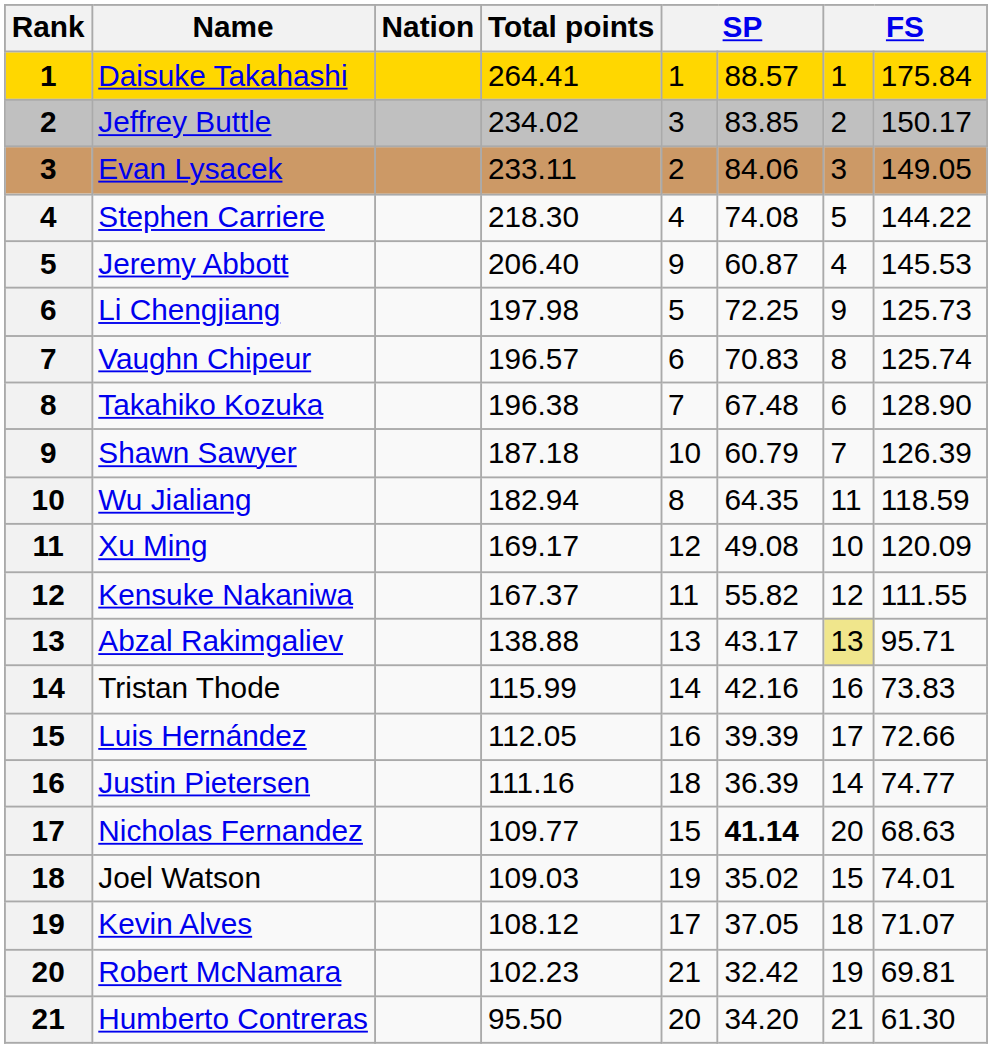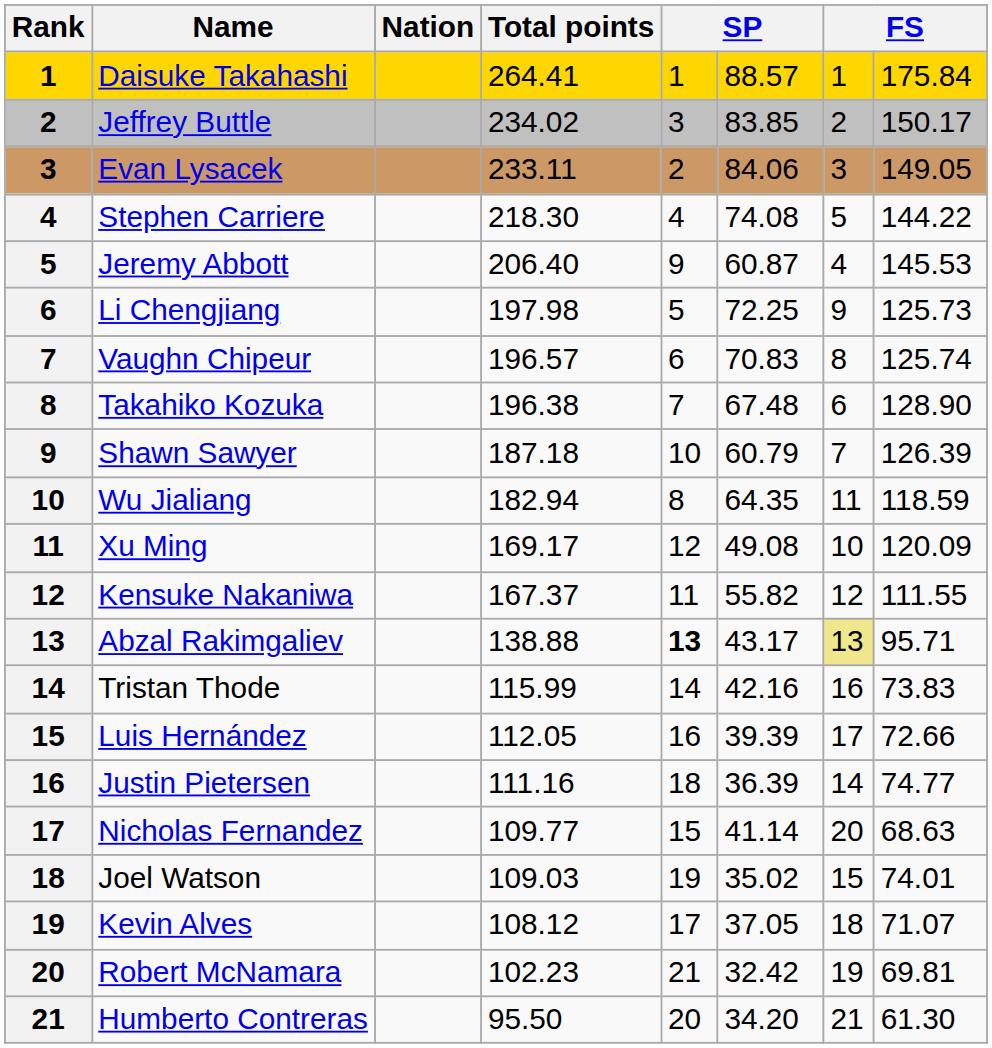 <table class="wikitable">
 <tr>
 <th>Rank</th>
 <th>Name</th>
 <th>Nation</th>
 <th>Total points</th>
 <th colspan="2" width="80px"><a href='#'>SP</a></th>
 <th colspan="2" width="80px"><a href='#'>FS</a></th>
 </tr>
 <tr bgcolor="gold">
 <td align="center"><strong>1</strong></td>
 <td><a href='#'>Daisuke Takahashi</a></td>
 <td></td>
 <td>264.41</td>
 <td>1</td>
 <td>88.57</td>
 <td>1</td>
 <td>175.84</td>
 </tr>
 <tr bgcolor="silver">
 <td align="center"><strong>2</strong></td>
 <td><a href='#'>Jeffrey Buttle</a></td>
 <td></td>
 <td>234.02</td>
 <td>3</td>
 <td>83.85</td>
 <td>2</td>
 <td>150.17</td>
 </tr>
 <tr bgcolor="cc9966">
 <td align="center"><strong>3</strong></td>
 <td><a href='#'>Evan Lysacek</a></td>
 <td></td>
 <td>233.11</td>
 <td>2</td>
 <td>84.06</td>
 <td>3</td>
 <td>149.05</td>
 </tr>
 <tr>
 <th>4</th>
 <td><a href='#'>Stephen Carriere</a></td>
 <td></td>
 <td>218.30</td>
 <td>4</td>
 <td>74.08</td>
 <td>5</td>
 <td>144.22</td>
 </tr>
 <tr>
 <th>5</th>
 <td><a href='#'>Jeremy Abbott</a></td>
 <td></td>
 <td>206.40</td>
 <td>9</td>
 <td>60.87</td>
 <td>4</td>
 <td>145.53</td>
 </tr>
 <tr>
 <th>6</th>
 <td><a href='#'>Li Chengjiang</a></td>
 <td></td>
 <td>197.98</td>
 <td>5</td>
 <td>72.25</td>
 <td>9</td>
 <td>125.73</td>
 </tr>
 <tr>
 <th>7</th>
 <td><a href='#'>Vaughn Chipeur</a></td>
 <td></td>
 <td>196.57</td>
 <td>6</td>
 <td>70.83</td>
 <td>8</td>
 <td>125.74</td>
 </tr>
 <tr>
 <th>8</th>
 <td><a href='#'>Takahiko Kozuka</a></td>
 <td></td>
 <td>196.38</td>
 <td>7</td>
 <td>67.48</td>
 <td>6</td>
 <td>128.90</td>
 </tr>
 <tr>
 <th>9</th>
 <td><a href='#'>Shawn Sawyer</a></td>
 <td></td>
 <td>187.18</td>
 <td>10</td>
 <td>60.79</td>
 <td>7</td>
 <td>126.39</td>
 </tr>
 <tr>
 <th>10</th>
 <td><a href='#'>Wu Jialiang</a></td>
 <td></td>
 <td>182.94</td>
 <td>8</td>
 <td>64.35</td>
 <td>11</td>
 <td>118.59</td>
 </tr>
 <tr>
 <th>11</th>
 <td><a href='#'>Xu Ming</a></td>
 <td></td>
 <td>169.17</td>
 <td>12</td>
 <td>49.08</td>
 <td>10</td>
 <td>120.09</td>
 </tr>
 <tr>
 <th>12</th>
 <td><a href='#'>Kensuke Nakaniwa</a></td>
 <td></td>
 <td>167.37</td>
 <td>11</td>
 <td>55.82</td>
 <td>12</td>
 <td>111.55</td>
 </tr>
 <tr>
 <th>13</th>
 <td><a href='#'>Abzal Rakimgaliev</a></td>
 <td></td>
 <td>138.88</td>
-<td>13</td>
+<td><strong>13</strong></td>
 <td>43.17</td>
 <td style="background: khaki;">13</td>
 <td>95.71</td>
 </tr>
 <tr>
 <th>14</th>
 <td>Tristan Thode</td>
 <td></td>
 <td>115.99</td>
 <td>14</td>
 <td>42.16</td>
 <td>16</td>
 <td>73.83</td>
 </tr>
 <tr>
 <th>15</th>
 <td><a href='#'>Luis Hernández</a></td>
 <td></td>
 <td>112.05</td>
 <td>16</td>
 <td>39.39</td>
 <td>17</td>
 <td>72.66</td>
 </tr>
 <tr>
 <th>16</th>
 <td><a href='#'>Justin Pietersen</a></td>
 <td></td>
 <td>111.16</td>
 <td>18</td>
 <td>36.39</td>
 <td>14</td>
 <td>74.77</td>
 </tr>
 <tr>
 <th>17</th>
 <td><a href='#'>Nicholas Fernandez</a></td>
 <td></td>
 <td>109.77</td>
 <td>15</td>
-<td><strong>41.14</strong></td>
+<td>41.14</td>
 <td>20</td>
 <td>68.63</td>
 </tr>
 <tr>
 <th>18</th>
 <td>Joel Watson</td>
 <td></td>
 <td>109.03</td>
 <td>19</td>
 <td>35.02</td>
 <td>15</td>
 <td>74.01</td>
 </tr>
 <tr>
 <th>19</th>
 <td><a href='#'>Kevin Alves</a></td>
 <td></td>
 <td>108.12</td>
 <td>17</td>
 <td>37.05</td>
 <td>18</td>
 <td>71.07</td>
 </tr>
 <tr>
 <th>20</th>
 <td><a href='#'>Robert McNamara</a></td>
 <td></td>
 <td>102.23</td>
 <td>21</td>
 <td>32.42</td>
 <td>19</td>
 <td>69.81</td>
 </tr>
 <tr>
 <th>21</th>
 <td><a href='#'>Humberto Contreras</a></td>
 <td></td>
 <td>95.50</td>
 <td>20</td>
 <td>34.20</td>
 <td>21</td>
 <td>61.30</td>
 </tr>
 </table>
